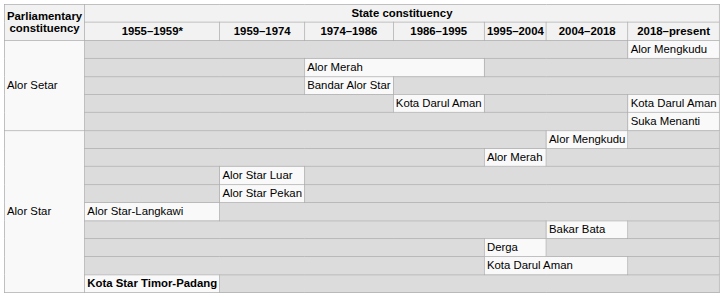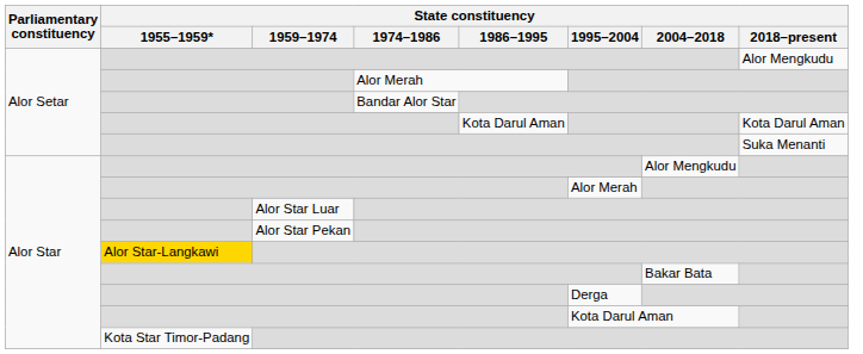 <table class="wikitable">
 <tr>
 <th rowspan="2">Parliamentary<br>constituency</th>
 <th colspan="7">State constituency</th>
 </tr>
 <tr>
 <th>1955–1959*</th>
 <th>1959–1974</th>
 <th>1974–1986</th>
 <th>1986–1995</th>
 <th>1995–2004</th>
 <th>2004–2018</th>
 <th>2018–present</th>
 </tr>
 <tr>
 <td rowspan="5">Alor Setar</td>
 <td colspan="6" bgcolor="dcdcdc"></td>
 <td>Alor Mengkudu</td>
 </tr>
 <tr>
 <td colspan="2" bgcolor="dcdcdc"></td>
 <td colspan="2">Alor Merah</td>
 <td colspan="3" bgcolor="dcdcdc"></td>
 </tr>
 <tr>
 <td colspan="2" bgcolor="dcdcdc"></td>
 <td>Bandar Alor Star</td>
 <td colspan="4" bgcolor="dcdcdc"></td>
 </tr>
 <tr>
 <td colspan="3" bgcolor="dcdcdc"></td>
 <td>Kota Darul Aman</td>
 <td colspan="2" bgcolor="dcdcdc"></td>
 <td>Kota Darul Aman</td>
 </tr>
 <tr>
 <td colspan="6" bgcolor="dcdcdc"></td>
 <td>Suka Menanti</td>
 </tr>
 <tr>
 <td rowspan="9">Alor Star</td>
 <td colspan="5" bgcolor="dcdcdc"></td>
 <td>Alor Mengkudu</td>
 <td bgcolor="dcdcdc"></td>
 </tr>
 <tr>
 <td colspan="4" bgcolor="dcdcdc"></td>
 <td>Alor Merah</td>
 <td colspan="2" bgcolor="dcdcdc"></td>
 </tr>
 <tr>
 <td bgcolor="dcdcdc"></td>
 <td>Alor Star Luar</td>
 <td colspan="5" bgcolor="dcdcdc"></td>
 </tr>
 <tr>
 <td bgcolor="dcdcdc"></td>
 <td>Alor Star Pekan</td>
 <td colspan="5" bgcolor="dcdcdc"></td>
 </tr>
 <tr>
-<td>Alor Star-Langkawi</td>
+<td style="background: gold;">Alor Star-Langkawi</td>
 <td colspan="6" bgcolor="dcdcdc"></td>
 </tr>
 <tr>
 <td colspan="5" bgcolor="dcdcdc"></td>
 <td>Bakar Bata</td>
 <td bgcolor="dcdcdc"></td>
 </tr>
 <tr>
 <td colspan="4" bgcolor="dcdcdc"></td>
 <td>Derga</td>
 <td colspan="2" bgcolor="dcdcdc"></td>
 </tr>
 <tr>
 <td colspan="4" bgcolor="dcdcdc"></td>
 <td colspan="2">Kota Darul Aman</td>
 <td bgcolor="dcdcdc"></td>
 </tr>
 <tr>
-<td><strong>Kota Star Timor-Padang</strong></td>
+<td>Kota Star Timor-Padang</td>
 <td colspan="6" bgcolor="dcdcdc"></td>
 </tr>
 </table>
